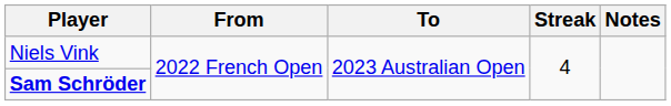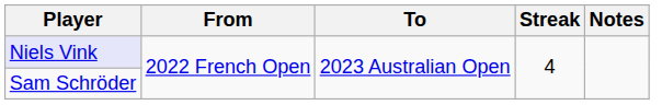 <table class="wikitable sortable">
 <tr>
 <th>Player</th>
 <th>From</th>
 <th>To</th>
 <th>Streak</th>
 <th class="unsortable">Notes</th>
 </tr>
 <tr>
-<td> <a href='#'>Niels Vink</a></td>
+<td style="background: lavender;"> <a href='#'>Niels Vink</a></td>
 <td rowspan="2"><a href='#'>2022 French Open</a></td>
 <td rowspan="2"><a href='#'>2023 Australian Open</a></td>
 <td rowspan="2" align="center">4</td>
 <td rowspan="2"></td>
 </tr>
 <tr>
-<td><strong> <a href='#'>Sam Schröder</a></strong></td>
+<td> <a href='#'>Sam Schröder</a></td>
 </tr>
 </table>
